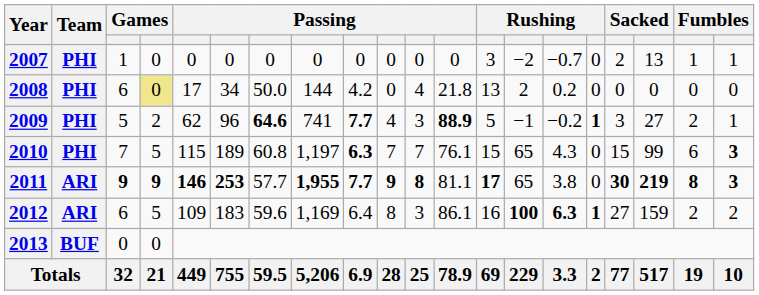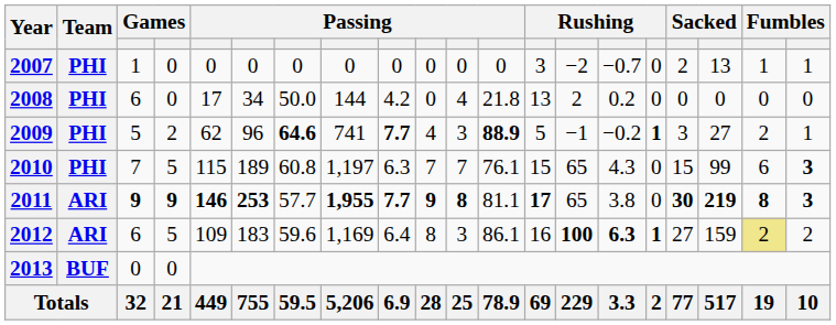 <table class="wikitable" style="text-align: center;">
 <tr>
 <th rowspan="2">Year</th>
 <th rowspan="2">Team</th>
 <th colspan="2">Games</th>
 <th colspan="8">Passing</th>
 <th colspan="4">Rushing</th>
 <th colspan="2">Sacked</th>
 <th colspan="2">Fumbles</th>
 </tr>
 <tr>
 <th></th>
 <th></th>
 <th></th>
 <th></th>
 <th></th>
 <th></th>
 <th></th>
 <th></th>
 <th></th>
 <th></th>
 <th></th>
 <th></th>
 <th></th>
 <th></th>
 <th></th>
 <th></th>
 <th></th>
 <th></th>
 </tr>
 <tr>
 <th><a href='#'>2007</a></th>
 <th><a href='#'>PHI</a></th>
 <td>1</td>
 <td>0</td>
 <td>0</td>
 <td>0</td>
 <td>0</td>
 <td>0</td>
 <td>0</td>
 <td>0</td>
 <td>0</td>
 <td>0</td>
 <td>3</td>
 <td>−2</td>
 <td>−0.7</td>
 <td>0</td>
 <td>2</td>
 <td>13</td>
 <td>1</td>
 <td>1</td>
 </tr>
 <tr>
 <th><a href='#'>2008</a></th>
 <th><a href='#'>PHI</a></th>
 <td>6</td>
-<td style="background: khaki;">0</td>
+<td>0</td>
 <td>17</td>
 <td>34</td>
 <td>50.0</td>
 <td>144</td>
 <td>4.2</td>
 <td>0</td>
 <td>4</td>
 <td>21.8</td>
 <td>13</td>
 <td>2</td>
 <td>0.2</td>
 <td>0</td>
 <td>0</td>
 <td>0</td>
 <td>0</td>
 <td>0</td>
 </tr>
 <tr>
 <th><a href='#'>2009</a></th>
 <th><a href='#'>PHI</a></th>
 <td>5</td>
 <td>2</td>
 <td>62</td>
 <td>96</td>
 <td><strong>64.6</strong></td>
 <td>741</td>
 <td><strong>7.7</strong></td>
 <td>4</td>
 <td>3</td>
 <td><strong>88.9</strong></td>
 <td>5</td>
 <td>−1</td>
 <td>−0.2</td>
 <td><strong>1</strong></td>
 <td>3</td>
 <td>27</td>
 <td>2</td>
 <td>1</td>
 </tr>
 <tr>
 <th><a href='#'>2010</a></th>
 <th><a href='#'>PHI</a></th>
 <td>7</td>
 <td>5</td>
 <td>115</td>
 <td>189</td>
 <td>60.8</td>
 <td>1,197</td>
-<td><strong>6.3</strong></td>
+<td>6.3</td>
 <td>7</td>
 <td>7</td>
 <td>76.1</td>
 <td>15</td>
 <td>65</td>
 <td>4.3</td>
 <td>0</td>
 <td>15</td>
 <td>99</td>
 <td>6</td>
 <td><strong>3</strong></td>
 </tr>
 <tr>
 <th><a href='#'>2011</a></th>
 <th><a href='#'>ARI</a></th>
 <td><strong>9</strong></td>
 <td><strong>9</strong></td>
 <td><strong>146</strong></td>
 <td><strong>253</strong></td>
 <td>57.7</td>
 <td><strong>1,955</strong></td>
 <td><strong>7.7</strong></td>
 <td><strong>9</strong></td>
 <td><strong>8</strong></td>
 <td>81.1</td>
 <td><strong>17</strong></td>
 <td>65</td>
 <td>3.8</td>
 <td>0</td>
 <td><strong>30</strong></td>
 <td><strong>219</strong></td>
 <td><strong>8</strong></td>
 <td><strong>3</strong></td>
 </tr>
 <tr>
 <th><a href='#'>2012</a></th>
 <th><a href='#'>ARI</a></th>
 <td>6</td>
 <td>5</td>
 <td>109</td>
 <td>183</td>
 <td>59.6</td>
 <td>1,169</td>
 <td>6.4</td>
 <td>8</td>
 <td>3</td>
 <td>86.1</td>
 <td>16</td>
 <td><strong>100</strong></td>
 <td><strong>6.3</strong></td>
 <td><strong>1</strong></td>
 <td>27</td>
 <td>159</td>
-<td>2</td>
+<td style="background: khaki;">2</td>
 <td>2</td>
 </tr>
 <tr>
 <th><a href='#'>2013</a></th>
 <th><a href='#'>BUF</a></th>
 <td>0</td>
 <td>0</td>
 <td colspan="16"></td>
 </tr>
 <tr>
 <th colspan="2">Totals</th>
 <th>32</th>
 <th>21</th>
 <th>449</th>
 <th>755</th>
 <th>59.5</th>
 <th>5,206</th>
 <th>6.9</th>
 <th>28</th>
 <th>25</th>
 <th>78.9</th>
 <th>69</th>
 <th>229</th>
 <th>3.3</th>
 <th>2</th>
 <th>77</th>
 <th>517</th>
 <th>19</th>
 <th>10</th>
 </tr>
 </table>
